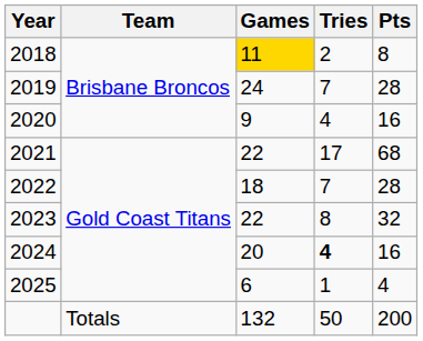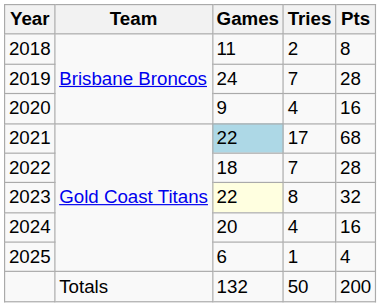 <table class="wikitable">
 <tr>
 <th>Year</th>
 <th>Team</th>
 <th>Games</th>
 <th>Tries</th>
 <th>Pts</th>
 </tr>
 <tr>
 <td>2018</td>
 <td rowspan="3"> <a href='#'>Brisbane Broncos</a></td>
-<td style="background: gold;">11</td>
+<td>11</td>
 <td>2</td>
 <td>8</td>
 </tr>
 <tr>
 <td>2019</td>
 <td>24</td>
 <td>7</td>
 <td>28</td>
 </tr>
 <tr>
 <td>2020</td>
 <td>9</td>
 <td>4</td>
 <td>16</td>
 </tr>
 <tr>
 <td>2021</td>
 <td rowspan="5"> <a href='#'>Gold Coast Titans</a></td>
-<td>22</td>
+<td style="background: lightblue;">22</td>
 <td>17</td>
 <td>68</td>
 </tr>
 <tr>
 <td>2022</td>
 <td>18</td>
 <td>7</td>
 <td>28</td>
 </tr>
 <tr>
 <td>2023</td>
-<td>22</td>
+<td style="background: lightyellow;">22</td>
 <td>8</td>
 <td>32</td>
 </tr>
 <tr>
 <td>2024</td>
 <td>20</td>
-<td><strong>4</strong></td>
+<td>4</td>
 <td>16</td>
 </tr>
 <tr>
 <td>2025</td>
 <td>6</td>
 <td>1</td>
 <td>4</td>
 </tr>
 <tr>
 <td></td>
 <td>Totals</td>
 <td>132</td>
 <td>50</td>
 <td>200</td>
 </tr>
 </table>
